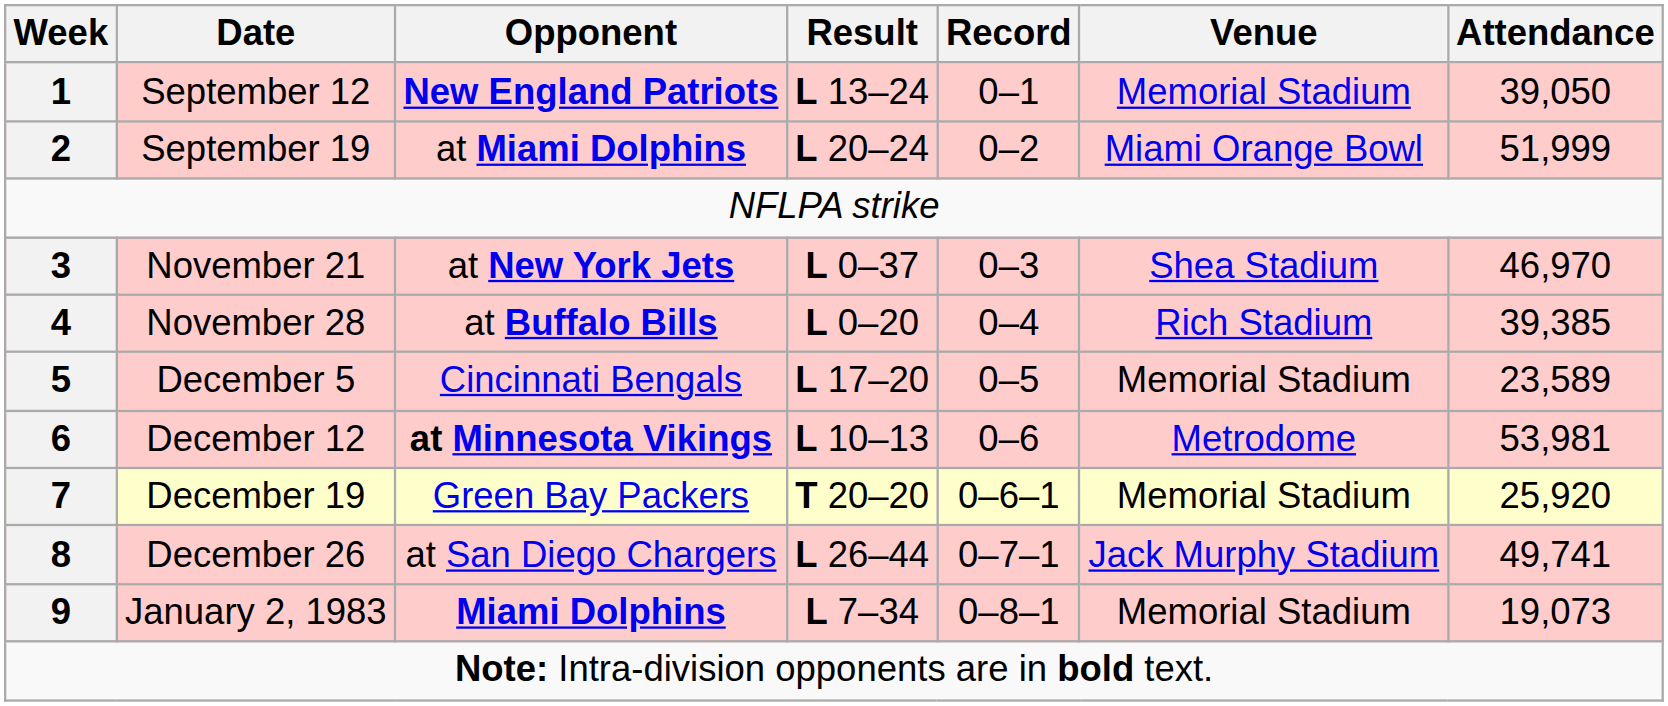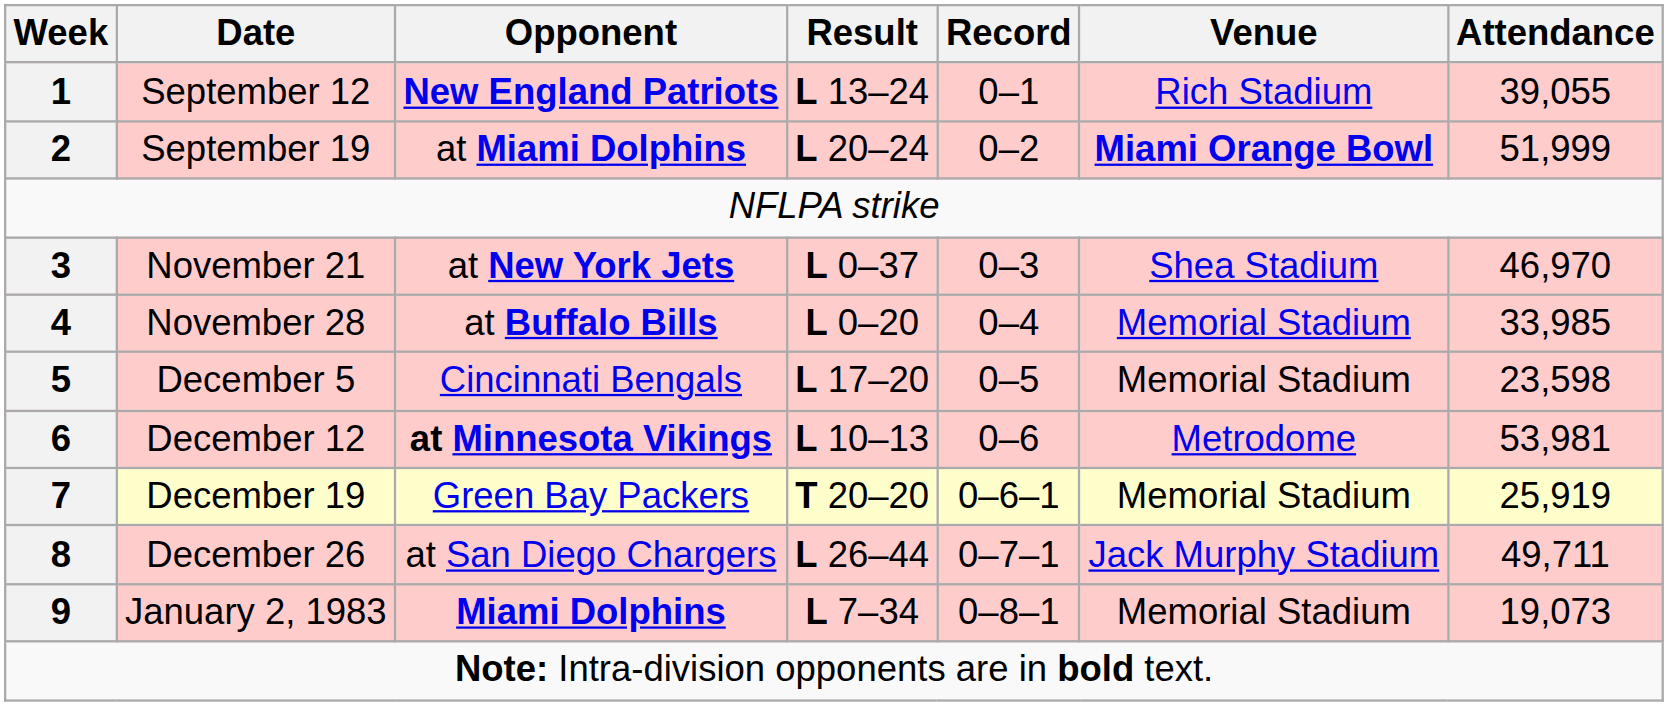 <table class="wikitable" style="text-align:center">
 <tr>
 <th>Week</th>
 <th>Date</th>
 <th>Opponent</th>
 <th>Result</th>
 <th>Record</th>
 <th>Venue</th>
 <th>Attendance</th>
 </tr>
 <tr style="background:#fcc">
 <th>1</th>
 <td>September 12</td>
 <td><strong><a href='#'>New England Patriots</a></strong></td>
 <td><strong>L</strong> 13–24</td>
 <td>0–1</td>
-<td><a href='#'>Memorial Stadium</a></td>
-<td>39,050</td>
+<td><a href='#'>Rich Stadium</a></td>
+<td>39,055</td>
 </tr>
 <tr style="background:#fcc">
 <th>2</th>
 <td>September 19</td>
 <td>at <strong><a href='#'>Miami Dolphins</a></strong></td>
 <td><strong>L</strong> 20–24</td>
 <td>0–2</td>
-<td><a href='#'>Miami Orange Bowl</a></td>
+<td><strong><a href='#'>Miami Orange Bowl</a></strong></td>
 <td>51,999</td>
 </tr>
 <tr>
 <td colspan=7 align="center"><em>NFLPA strike</em></td>
 </tr>
 <tr style="background:#fcc">
 <th>3</th>
 <td>November 21</td>
 <td>at <strong><a href='#'>New York Jets</a></strong></td>
 <td><strong>L</strong> 0–37</td>
 <td>0–3</td>
 <td><a href='#'>Shea Stadium</a></td>
 <td>46,970</td>
 </tr>
 <tr style="background:#fcc">
 <th>4</th>
 <td>November 28</td>
 <td>at <strong><a href='#'>Buffalo Bills</a></strong></td>
 <td><strong>L</strong> 0–20</td>
 <td>0–4</td>
-<td><a href='#'>Rich Stadium</a></td>
-<td>39,385</td>
+<td><a href='#'>Memorial Stadium</a></td>
+<td>33,985</td>
 </tr>
 <tr style="background:#fcc">
 <th>5</th>
 <td>December 5</td>
 <td><a href='#'>Cincinnati Bengals</a></td>
 <td><strong>L</strong> 17–20</td>
 <td>0–5</td>
 <td>Memorial Stadium</td>
-<td>23,589</td>
+<td>23,598</td>
 </tr>
 <tr style="background:#fcc">
 <th>6</th>
 <td>December 12</td>
 <td><strong>at <a href='#'>Minnesota Vikings</a></strong></td>
 <td><strong>L</strong> 10–13</td>
 <td>0–6</td>
 <td><a href='#'>Metrodome</a></td>
 <td>53,981</td>
 </tr>
 <tr style="background:#ffc">
 <th>7</th>
 <td>December 19</td>
 <td><a href='#'>Green Bay Packers</a></td>
 <td><strong>T</strong> 20–20 </td>
 <td>0–6–1</td>
 <td>Memorial Stadium</td>
-<td>25,920</td>
+<td>25,919</td>
 </tr>
 <tr style="background:#fcc">
 <th>8</th>
 <td>December 26</td>
 <td>at <a href='#'>San Diego Chargers</a></td>
 <td><strong>L</strong> 26–44</td>
 <td>0–7–1</td>
 <td><a href='#'>Jack Murphy Stadium</a></td>
-<td>49,741</td>
+<td>49,711</td>
 </tr>
 <tr style="background:#fcc">
 <th>9</th>
 <td>January 2, 1983</td>
 <td><strong><a href='#'>Miami Dolphins</a></strong></td>
 <td><strong>L</strong> 7–34</td>
 <td>0–8–1</td>
 <td>Memorial Stadium</td>
 <td>19,073</td>
 </tr>
 <tr>
 <td colspan="8"><strong>Note:</strong> Intra-division opponents are in <strong>bold</strong> text.</td>
 </tr>
 </table>
